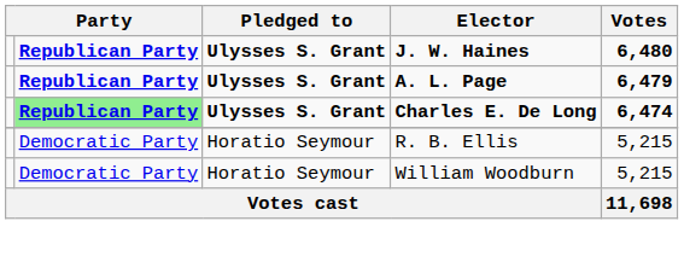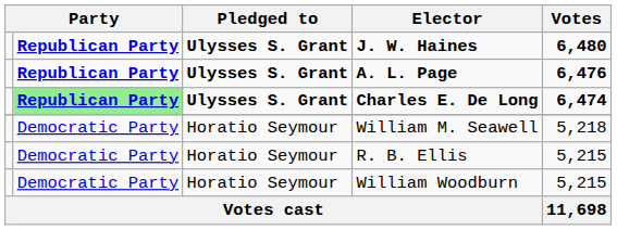 <table class="wikitable">
 <tr>
 <th colspan=2>Party</th>
 <th>Pledged to</th>
 <th>Elector</th>
 <th>Votes</th>
 </tr>
 <tr style="font-weight:bold">
 <td></td>
 <td><a href='#'>Republican Party</a></td>
 <td>Ulysses S. Grant</td>
 <td>J. W. Haines</td>
 <td align="right">6,480</td>
 </tr>
 <tr style="font-weight:bold">
 <td></td>
 <td><a href='#'>Republican Party</a></td>
 <td>Ulysses S. Grant</td>
 <td>A. L. Page</td>
-<td align="right">6,479</td>
+<td align="right">6,476</td>
 </tr>
 <tr style="font-weight:bold">
 <td></td>
 <td style="background: lightgreen;"><a href='#'>Republican Party</a></td>
 <td>Ulysses S. Grant</td>
 <td>Charles E. De Long</td>
 <td align="right">6,474</td>
 </tr>
 <tr style="font-weight:bold">
+</tr>
+<tr>
+<td></td>
+<td><a href='#'>Democratic Party</a></td>
+<td>Horatio Seymour</td>
+<td>William M. Seawell</td>
+<td align="right">5,218</td>
 </tr>
 <tr>
 <td></td>
 <td><a href='#'>Democratic Party</a></td>
 <td>Horatio Seymour</td>
 <td>R. B. Ellis</td>
 <td align="right">5,215</td>
 </tr>
 <tr>
 <td></td>
 <td><a href='#'>Democratic Party</a></td>
 <td>Horatio Seymour</td>
 <td>William Woodburn</td>
 <td align="right">5,215</td>
 </tr>
 <tr>
 <th colspan="4">Votes cast</th>
 <th>11,698</th>
 </tr>
 </table>
